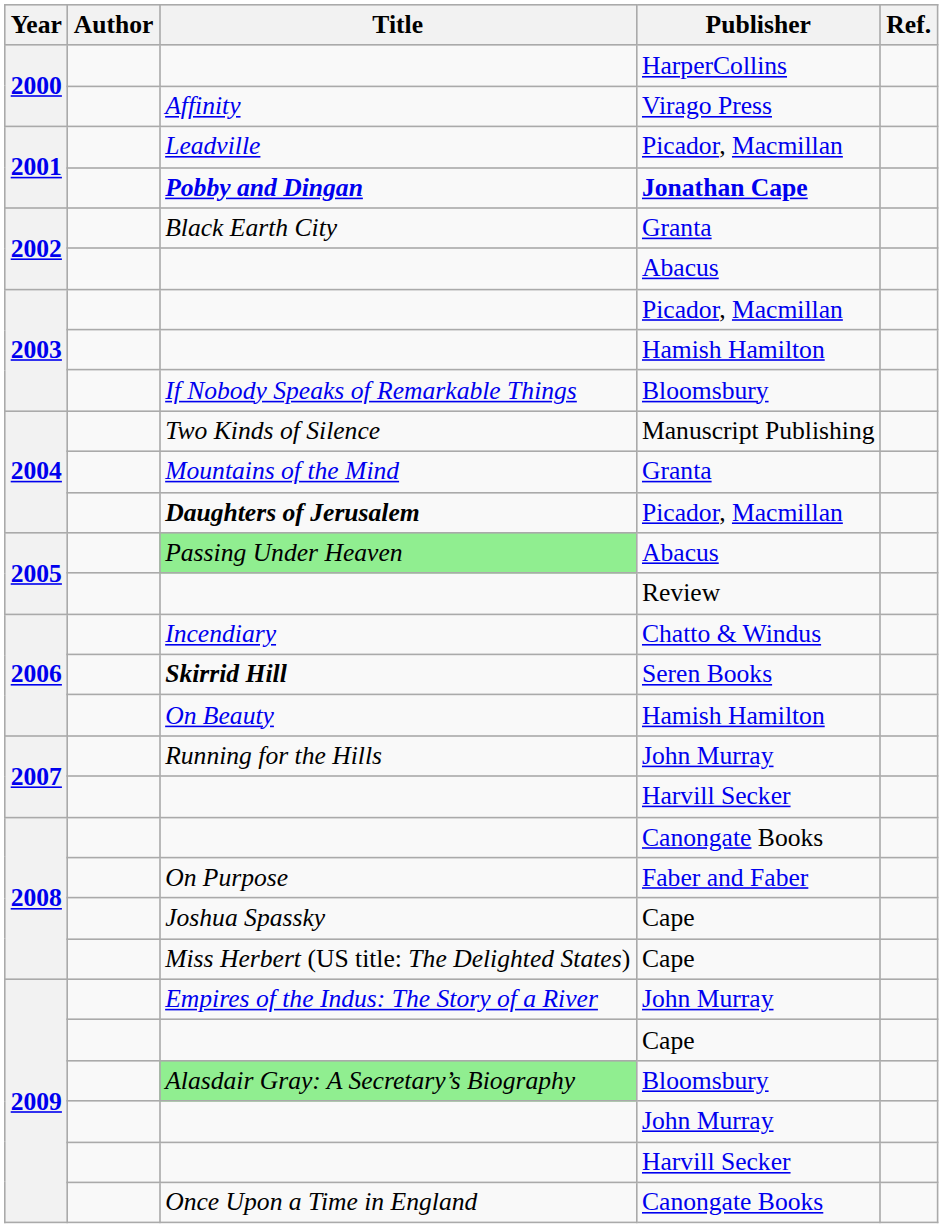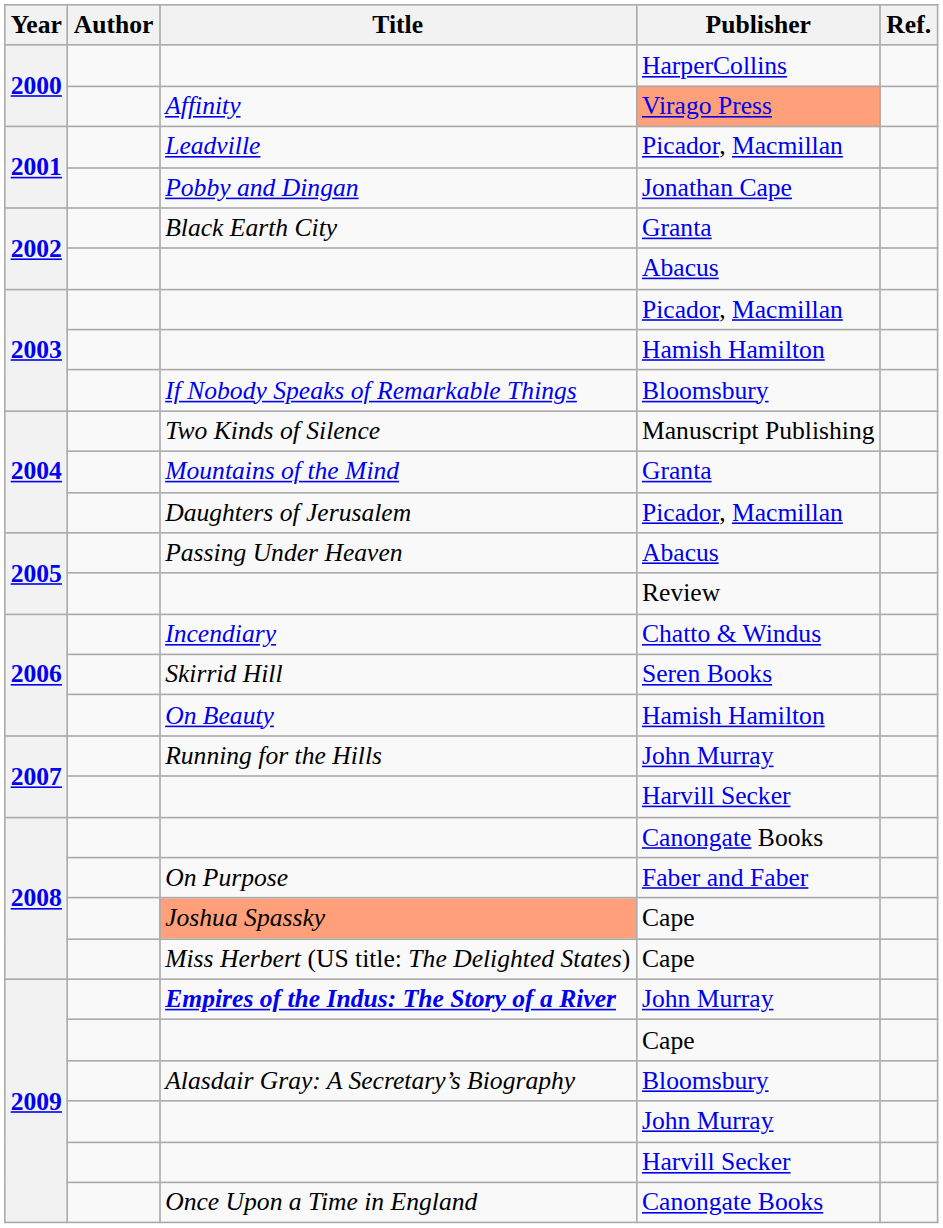 <table class="wikitable sortable mw-collapsible">
 <tr>
 <th>Year</th>
 <th>Author</th>
 <th>Title</th>
 <th>Publisher</th>
 <th>Ref.</th>
 </tr>
 <tr>
 <th rowspan="2"><a href='#'>2000</a></th>
 <td></td>
 <td><em></em></td>
 <td><a href='#'>HarperCollins</a></td>
 <td></td>
 </tr>
 <tr>
 <td></td>
 <td><em><a href='#'>Affinity</a></em></td>
-<td><a href='#'>Virago Press</a></td>
+<td style="background: lightsalmon;"><a href='#'>Virago Press</a></td>
 <td></td>
 </tr>
 <tr>
 <th rowspan="2"><a href='#'>2001</a></th>
 <td></td>
 <td><a href='#'><em>Leadville</em></a></td>
 <td><a href='#'>Picador</a>, <a href='#'>Macmillan</a></td>
 <td></td>
 </tr>
 <tr>
 <td></td>
-<td><strong><em><a href='#'>Pobby and Dingan</a></em></strong></td>
-<td><strong><a href='#'>Jonathan Cape</a></strong></td>
+<td><em><a href='#'>Pobby and Dingan</a></em></td>
+<td><a href='#'>Jonathan Cape</a></td>
 <td></td>
 </tr>
 <tr>
 <th rowspan="2"><a href='#'>2002</a></th>
 <td></td>
 <td><em>Black Earth City</em></td>
 <td><a href='#'>Granta</a></td>
 <td></td>
 </tr>
 <tr>
 <td></td>
 <td><em></em></td>
 <td><a href='#'>Abacus</a></td>
 <td></td>
 </tr>
 <tr>
 <th rowspan="3"><a href='#'>2003</a></th>
 <td></td>
 <td><em></em></td>
 <td><a href='#'>Picador</a>, <a href='#'>Macmillan</a></td>
 <td></td>
 </tr>
 <tr>
 <td></td>
 <td><em></em></td>
 <td><a href='#'>Hamish Hamilton</a></td>
 <td></td>
 </tr>
 <tr>
 <td></td>
 <td><em><a href='#'>If Nobody Speaks of Remarkable Things</a></em></td>
 <td><a href='#'>Bloomsbury</a></td>
 <td></td>
 </tr>
 <tr>
 <th rowspan="3"><a href='#'>2004</a></th>
 <td></td>
 <td><em>Two Kinds of Silence</em></td>
 <td>Manuscript Publishing</td>
 <td></td>
 </tr>
 <tr>
 <td></td>
 <td><em><a href='#'>Mountains of the Mind</a></em></td>
 <td><a href='#'>Granta</a></td>
 <td></td>
 </tr>
 <tr>
 <td></td>
-<td><strong><em>Daughters of Jerusalem</em></strong></td>
+<td><em>Daughters of Jerusalem</em></td>
 <td><a href='#'>Picador</a>, <a href='#'>Macmillan</a></td>
 <td></td>
 </tr>
 <tr>
 <th rowspan="2"><a href='#'>2005</a></th>
 <td></td>
-<td style="background: lightgreen;"><em>Passing Under Heaven</em></td>
+<td><em>Passing Under Heaven</em></td>
 <td><a href='#'>Abacus</a></td>
 <td></td>
 </tr>
 <tr>
 <td></td>
 <td><em></em></td>
 <td>Review</td>
 <td></td>
 </tr>
 <tr>
 <th rowspan="3"><a href='#'>2006</a></th>
 <td></td>
 <td><em><a href='#'>Incendiary</a></em></td>
 <td><a href='#'>Chatto & Windus</a></td>
 <td></td>
 </tr>
 <tr>
 <td></td>
-<td><strong><em>Skirrid Hill</em></strong></td>
+<td><em>Skirrid Hill</em></td>
 <td><a href='#'>Seren Books</a></td>
 <td></td>
 </tr>
 <tr>
 <td></td>
 <td><em><a href='#'>On Beauty</a></em></td>
 <td><a href='#'>Hamish Hamilton</a></td>
 <td></td>
 </tr>
 <tr>
 <th rowspan="2"><a href='#'>2007</a></th>
 <td></td>
 <td><em>Running for the Hills</em></td>
 <td><a href='#'>John Murray</a></td>
 <td></td>
 </tr>
 <tr>
 <td></td>
 <td><em></em></td>
 <td><a href='#'>Harvill Secker</a></td>
 <td></td>
 </tr>
 <tr>
 <th rowspan="4"><a href='#'>2008</a></th>
 <td></td>
 <td><em></em></td>
 <td><a href='#'>Canongate</a> Books</td>
 <td></td>
 </tr>
 <tr>
 <td></td>
 <td><em>On Purpose</em></td>
 <td><a href='#'>Faber and Faber</a></td>
 <td></td>
 </tr>
 <tr>
 <td></td>
-<td><em>Joshua Spassky</em></td>
+<td style="background: lightsalmon;"><em>Joshua Spassky</em></td>
 <td>Cape</td>
 <td></td>
 </tr>
 <tr>
 <td></td>
 <td><em>Miss Herbert</em> (US title: <em>The Delighted States</em>)</td>
 <td>Cape</td>
 <td></td>
 </tr>
 <tr>
 <th rowspan="6"><a href='#'>2009</a></th>
 <td></td>
-<td><em><a href='#'>Empires of the Indus: The Story of a River</a></em></td>
+<td><strong><em><a href='#'>Empires of the Indus: The Story of a River</a></em></strong></td>
 <td><a href='#'>John Murray</a></td>
 <td></td>
 </tr>
 <tr>
 <td></td>
 <td><em></em></td>
 <td>Cape</td>
 <td></td>
 </tr>
 <tr>
 <td></td>
-<td style="background: lightgreen;"><em>Alasdair Gray: A Secretary’s Biography</em></td>
+<td><em>Alasdair Gray: A Secretary’s Biography</em></td>
 <td><a href='#'>Bloomsbury</a></td>
 <td></td>
 </tr>
 <tr>
 <td></td>
 <td><em></em></td>
 <td><a href='#'>John Murray</a></td>
 <td></td>
 </tr>
 <tr>
 <td></td>
 <td><em></em></td>
 <td><a href='#'>Harvill Secker</a></td>
 <td></td>
 </tr>
 <tr>
 <td></td>
 <td><em>Once Upon a Time in England</em></td>
 <td><a href='#'>Canongate Books</a></td>
 <td></td>
 </tr>
 </table>
